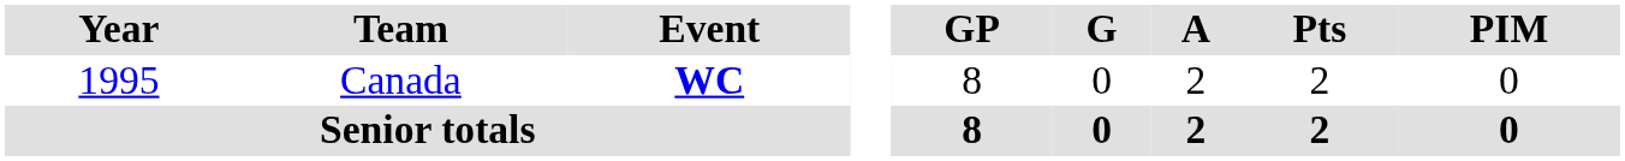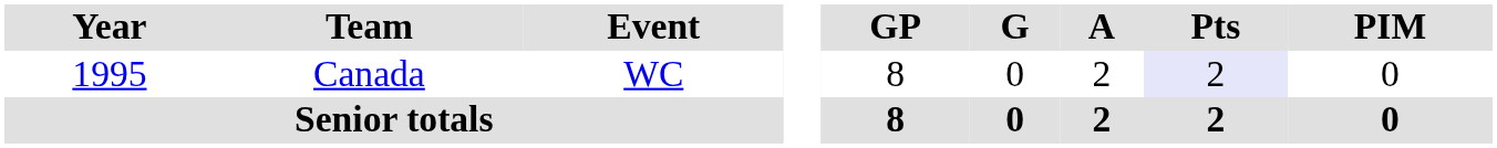 <table border="0" cellpadding="1" cellspacing="0" style="text-align:center; width:40em">
 <tr ALIGN="center" bgcolor="#e0e0e0">
 <th>Year</th>
 <th>Team</th>
 <th>Event</th>
 <th rowspan="99" bgcolor="#ffffff"> </th>
 <th>GP</th>
 <th>G</th>
 <th>A</th>
 <th>Pts</th>
 <th>PIM</th>
 </tr>
 <tr>
 <td><a href='#'>1995</a></td>
 <td><a href='#'>Canada</a></td>
-<td><strong><a href='#'>WC</a></strong></td>
+<td><a href='#'>WC</a></td>
 <td>8</td>
 <td>0</td>
 <td>2</td>
-<td>2</td>
+<td style="background: lavender;">2</td>
 <td>0</td>
 </tr>
 <tr bgcolor="#e0e0e0">
 <th colspan="3">Senior totals</th>
 <th>8</th>
 <th>0</th>
 <th>2</th>
 <th>2</th>
 <th>0</th>
 </tr>
 </table>
